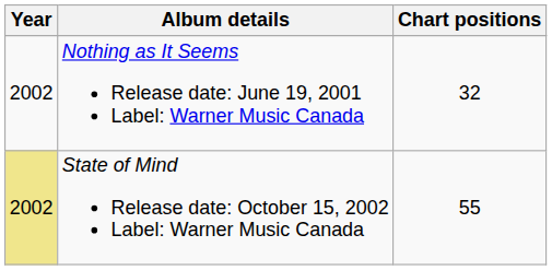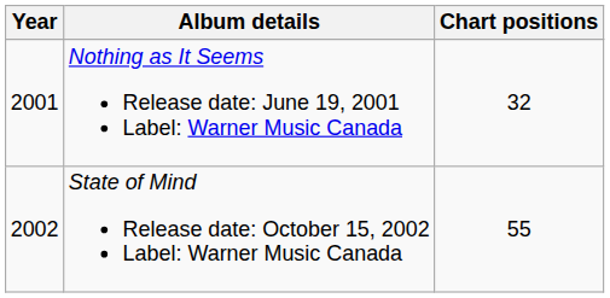 <table class="wikitable">
 <tr>
 <th>Year</th>
 <th>Album details</th>
 <th>Chart positions</th>
 </tr>
 <tr bgcolor="#DDDDDD">
 </tr>
 <tr>
-<td>2002</td>
+<td>2001</td>
 <td><em><a href='#'>Nothing as It Seems</a></em><br><ul><li>Release date: June 19, 2001</li><li>Label: <a href='#'>Warner Music Canada</a></li></ul></td>
 <td align="center">32</td>
 </tr>
 <tr>
-<td style="background: khaki;">2002</td>
+<td>2002</td>
 <td><em>State of Mind</em><br><ul><li>Release date: October 15, 2002</li><li>Label: Warner Music Canada</li></ul></td>
 <td align="center">55</td>
 </tr>
 </table>
